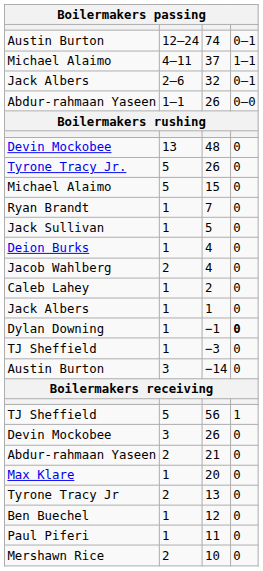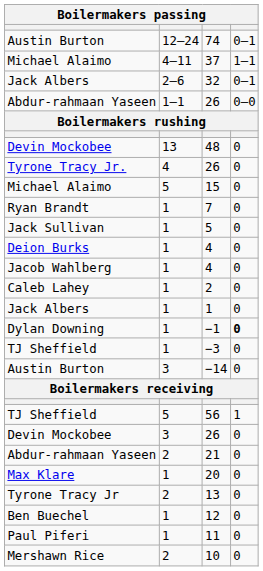 <table class="wikitable plainrowheaders">
 <tr>
 <th colspan="6">Boilermakers passing</th>
 </tr>
 <tr>
 <th scope="col"></th>
 <th scope="col"></th>
 <th scope="col"></th>
 <th scope="col"></th>
 </tr>
 <tr>
 <td>Austin Burton</td>
 <td>12–24</td>
 <td>74</td>
 <td>0–1</td>
 </tr>
 <tr>
 <td>Michael Alaimo</td>
 <td>4–11</td>
 <td>37</td>
 <td>1–1</td>
 </tr>
 <tr>
 <td>Jack Albers</td>
 <td>2–6</td>
 <td>32</td>
 <td>0–1</td>
 </tr>
 <tr>
 <td>Abdur-rahmaan Yaseen</td>
 <td>1–1</td>
 <td>26</td>
 <td>0–0</td>
 </tr>
 <tr>
 <th colspan="6">Boilermakers rushing</th>
 </tr>
 <tr>
 <th scope="col"></th>
 <th scope="col"></th>
 <th scope="col"></th>
 <th scope="col"></th>
 </tr>
 <tr>
 <td><a href='#'>Devin Mockobee</a></td>
 <td>13</td>
 <td>48</td>
 <td>0</td>
 </tr>
 <tr>
 <td><a href='#'>Tyrone Tracy Jr.</a></td>
-<td>5</td>
+<td>4</td>
 <td>26</td>
 <td>0</td>
 </tr>
 <tr>
 <td>Michael Alaimo</td>
 <td>5</td>
 <td>15</td>
 <td>0</td>
 </tr>
 <tr>
 <td>Ryan Brandt</td>
 <td>1</td>
 <td>7</td>
 <td>0</td>
 </tr>
 <tr>
 <td>Jack Sullivan</td>
 <td>1</td>
 <td>5</td>
 <td>0</td>
 </tr>
 <tr>
 <td><a href='#'>Deion Burks</a></td>
 <td>1</td>
 <td>4</td>
 <td>0</td>
 </tr>
 <tr>
 <td>Jacob Wahlberg</td>
-<td>2</td>
+<td>1</td>
 <td>4</td>
 <td>0</td>
 </tr>
 <tr>
 <td>Caleb Lahey</td>
 <td>1</td>
 <td>2</td>
 <td>0</td>
 </tr>
 <tr>
 <td>Jack Albers</td>
 <td>1</td>
 <td>1</td>
 <td>0</td>
 </tr>
 <tr>
 <td>Dylan Downing</td>
 <td>1</td>
 <td>−1</td>
 <td><strong>0</strong></td>
 </tr>
 <tr>
 <td>TJ Sheffield</td>
 <td>1</td>
 <td>−3</td>
 <td>0</td>
 </tr>
 <tr>
 <td>Austin Burton</td>
 <td>3</td>
 <td>−14</td>
 <td>0</td>
 </tr>
 <tr>
 <th colspan="6">Boilermakers receiving</th>
 </tr>
 <tr>
 <th scope="col"></th>
 <th scope="col"></th>
 <th scope="col"></th>
 <th scope="col"></th>
 </tr>
 <tr>
 <td>TJ Sheffield</td>
 <td>5</td>
 <td>56</td>
 <td>1</td>
 </tr>
 <tr>
 <td>Devin Mockobee</td>
 <td>3</td>
 <td>26</td>
 <td>0</td>
 </tr>
 <tr>
 <td>Abdur-rahmaan Yaseen</td>
 <td>2</td>
 <td>21</td>
 <td>0</td>
 </tr>
 <tr>
 <td><a href='#'>Max Klare</a></td>
 <td>1</td>
 <td>20</td>
 <td>0</td>
 </tr>
 <tr>
 <td>Tyrone Tracy Jr</td>
 <td>2</td>
 <td>13</td>
 <td>0</td>
 </tr>
 <tr>
 <td>Ben Buechel</td>
 <td>1</td>
 <td>12</td>
 <td>0</td>
 </tr>
 <tr>
 <td>Paul Piferi</td>
 <td>1</td>
 <td>11</td>
 <td>0</td>
 </tr>
 <tr>
 <td>Mershawn Rice</td>
 <td>2</td>
 <td>10</td>
 <td>0</td>
 </tr>
 </table>
